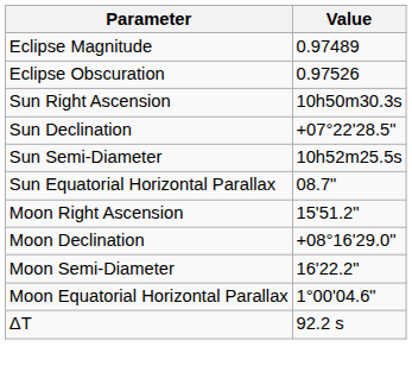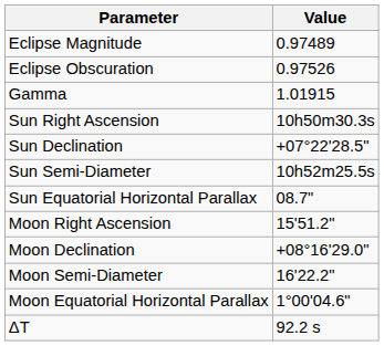 <table class="wikitable">
 <tr>
 <th>Parameter</th>
 <th>Value</th>
 </tr>
 <tr>
 <td>Eclipse Magnitude</td>
 <td>0.97489</td>
 </tr>
 <tr>
 <td>Eclipse Obscuration</td>
 <td>0.97526</td>
+</tr>
+<tr>
+<td>Gamma</td>
+<td>1.01915</td>
 </tr>
 <tr>
 <td>Sun Right Ascension</td>
 <td>10h50m30.3s</td>
 </tr>
 <tr>
 <td>Sun Declination</td>
 <td>+07°22'28.5"</td>
 </tr>
 <tr>
 <td>Sun Semi-Diameter</td>
 <td>10h52m25.5s</td>
 </tr>
 <tr>
 <td>Sun Equatorial Horizontal Parallax</td>
 <td>08.7"</td>
 </tr>
 <tr>
 <td>Moon Right Ascension</td>
 <td>15'51.2"</td>
 </tr>
 <tr>
 <td>Moon Declination</td>
 <td>+08°16'29.0"</td>
 </tr>
 <tr>
 <td>Moon Semi-Diameter</td>
 <td>16'22.2"</td>
 </tr>
 <tr>
 <td>Moon Equatorial Horizontal Parallax</td>
 <td>1°00'04.6"</td>
 </tr>
 <tr>
 <td>ΔT</td>
 <td>92.2 s</td>
 </tr>
 </table>
